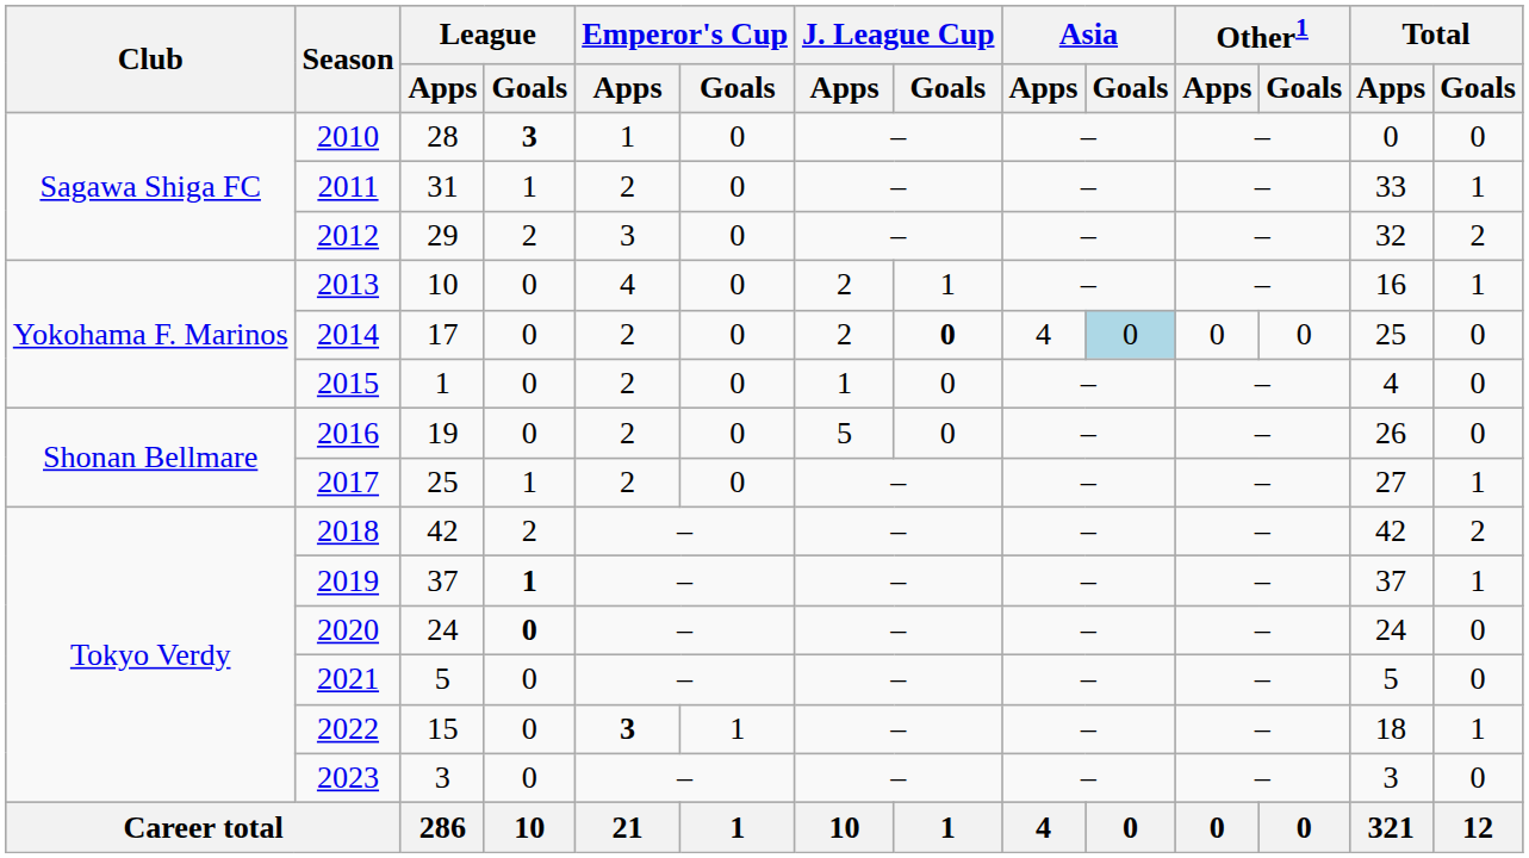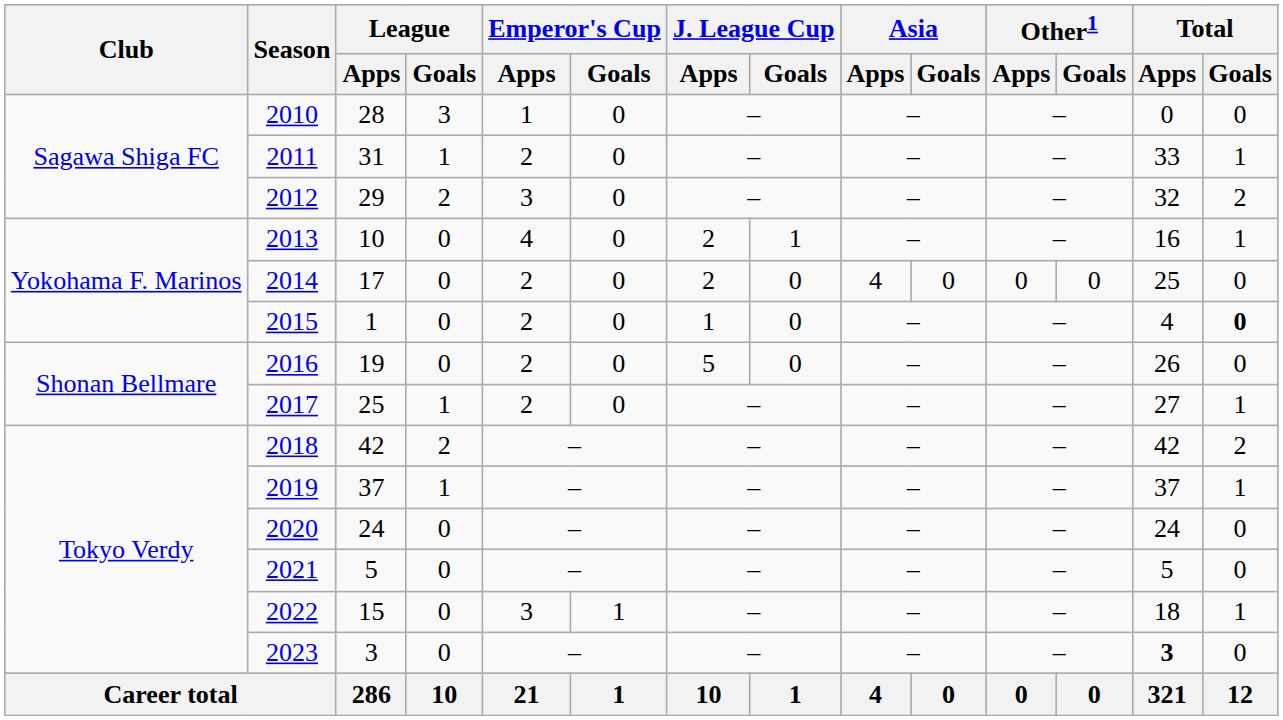 <table class="wikitable" style="text-align:center;">
 <tr>
 <th rowspan="2">Club</th>
 <th rowspan="2">Season</th>
 <th colspan="2">League</th>
 <th colspan="2"><a href='#'>Emperor's Cup</a></th>
 <th colspan="2"><a href='#'>J. League Cup</a></th>
 <th colspan="2"><a href='#'>Asia</a></th>
 <th colspan="2">Other<sup><a href='#'>1</a></sup></th>
 <th colspan="2">Total</th>
 </tr>
 <tr>
 <th>Apps</th>
 <th>Goals</th>
 <th>Apps</th>
 <th>Goals</th>
 <th>Apps</th>
 <th>Goals</th>
 <th>Apps</th>
 <th>Goals</th>
 <th>Apps</th>
 <th>Goals</th>
 <th>Apps</th>
 <th>Goals</th>
 </tr>
 <tr>
 <td rowspan="3"><a href='#'>Sagawa Shiga FC</a></td>
 <td><a href='#'>2010</a></td>
 <td>28</td>
-<td><strong>3</strong></td>
+<td>3</td>
 <td>1</td>
 <td>0</td>
 <td colspan="2">–</td>
 <td colspan="2">–</td>
 <td colspan="2">–</td>
 <td>0</td>
 <td>0</td>
 </tr>
 <tr>
 <td><a href='#'>2011</a></td>
 <td>31</td>
 <td>1</td>
 <td>2</td>
 <td>0</td>
 <td colspan="2">–</td>
 <td colspan="2">–</td>
 <td colspan="2">–</td>
 <td>33</td>
 <td>1</td>
 </tr>
 <tr>
 <td><a href='#'>2012</a></td>
 <td>29</td>
 <td>2</td>
 <td>3</td>
 <td>0</td>
 <td colspan="2">–</td>
 <td colspan="2">–</td>
 <td colspan="2">–</td>
 <td>32</td>
 <td>2</td>
 </tr>
 <tr>
 <td rowspan="3"><a href='#'>Yokohama F. Marinos</a></td>
 <td><a href='#'>2013</a></td>
 <td>10</td>
 <td>0</td>
 <td>4</td>
 <td>0</td>
 <td>2</td>
 <td>1</td>
 <td colspan="2">–</td>
 <td colspan="2">–</td>
 <td>16</td>
 <td>1</td>
 </tr>
 <tr>
 <td><a href='#'>2014</a></td>
 <td>17</td>
 <td>0</td>
 <td>2</td>
 <td>0</td>
 <td>2</td>
-<td><strong>0</strong></td>
+<td>0</td>
 <td>4</td>
-<td style="background: lightblue;">0</td>
+<td>0</td>
 <td>0</td>
 <td>0</td>
 <td>25</td>
 <td>0</td>
 </tr>
 <tr>
 <td><a href='#'>2015</a></td>
 <td>1</td>
 <td>0</td>
 <td>2</td>
 <td>0</td>
 <td>1</td>
 <td>0</td>
 <td colspan="2">–</td>
 <td colspan="2">–</td>
 <td>4</td>
-<td>0</td>
+<td><strong>0</strong></td>
 </tr>
 <tr>
 <td rowspan="2"><a href='#'>Shonan Bellmare</a></td>
 <td><a href='#'>2016</a></td>
 <td>19</td>
 <td>0</td>
 <td>2</td>
 <td>0</td>
 <td>5</td>
 <td>0</td>
 <td colspan="2">–</td>
 <td colspan="2">–</td>
 <td>26</td>
 <td>0</td>
 </tr>
 <tr>
 <td><a href='#'>2017</a></td>
 <td>25</td>
 <td>1</td>
 <td>2</td>
 <td>0</td>
 <td colspan="2">–</td>
 <td colspan="2">–</td>
 <td colspan="2">–</td>
 <td>27</td>
 <td>1</td>
 </tr>
 <tr>
 <td rowspan="6"><a href='#'>Tokyo Verdy</a></td>
 <td><a href='#'>2018</a></td>
 <td>42</td>
 <td>2</td>
 <td colspan="2">–</td>
 <td colspan="2">–</td>
 <td colspan="2">–</td>
 <td colspan="2">–</td>
 <td>42</td>
 <td>2</td>
 </tr>
 <tr>
 <td><a href='#'>2019</a></td>
 <td>37</td>
-<td><strong>1</strong></td>
+<td>1</td>
 <td colspan="2">–</td>
 <td colspan="2">–</td>
 <td colspan="2">–</td>
 <td colspan="2">–</td>
 <td>37</td>
 <td>1</td>
 </tr>
 <tr>
 <td><a href='#'>2020</a></td>
 <td>24</td>
-<td><strong>0</strong></td>
+<td>0</td>
 <td colspan="2">–</td>
 <td colspan="2">–</td>
 <td colspan="2">–</td>
 <td colspan="2">–</td>
 <td>24</td>
 <td>0</td>
 </tr>
 <tr>
 <td><a href='#'>2021</a></td>
 <td>5</td>
 <td>0</td>
 <td colspan="2">–</td>
 <td colspan="2">–</td>
 <td colspan="2">–</td>
 <td colspan="2">–</td>
 <td>5</td>
 <td>0</td>
 </tr>
 <tr>
 <td><a href='#'>2022</a></td>
 <td>15</td>
 <td>0</td>
-<td><strong>3</strong></td>
+<td>3</td>
 <td>1</td>
 <td colspan="2">–</td>
 <td colspan="2">–</td>
 <td colspan="2">–</td>
 <td>18</td>
 <td>1</td>
 </tr>
 <tr>
 <td><a href='#'>2023</a></td>
 <td>3</td>
 <td>0</td>
 <td colspan="2">–</td>
 <td colspan="2">–</td>
 <td colspan="2">–</td>
 <td colspan="2">–</td>
-<td>3</td>
+<td><strong>3</strong></td>
 <td>0</td>
 </tr>
 <tr>
 <th colspan="2">Career total</th>
 <th>286</th>
 <th>10</th>
 <th>21</th>
 <th>1</th>
 <th>10</th>
 <th>1</th>
 <th>4</th>
 <th>0</th>
 <th>0</th>
 <th>0</th>
 <th>321</th>
 <th>12</th>
 </tr>
 </table>
